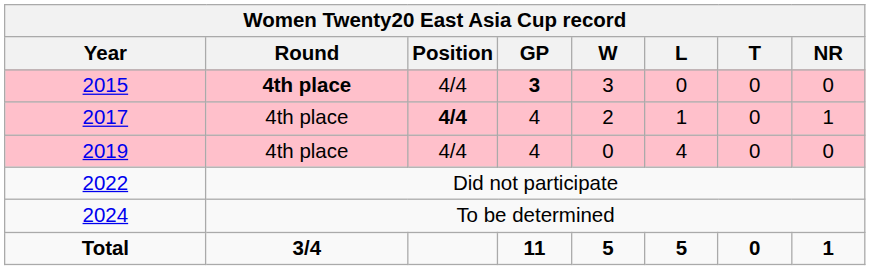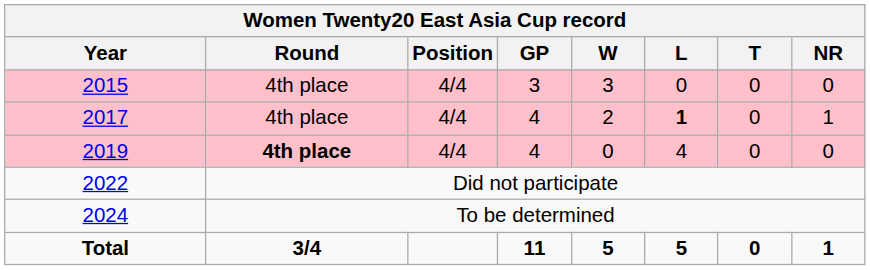 <table class="wikitable" style="text-align: center; width=900px;">
 <tr>
 <th colspan=9>Women Twenty20 East Asia Cup record</th>
 </tr>
 <tr>
 <th width=150>Year</th>
 <th width=150>Round</th>
 <th width=50>Position</th>
 <th width=50>GP</th>
 <th width=50>W</th>
 <th width=50>L</th>
 <th width=50>T</th>
 <th width=50>NR</th>
 </tr>
 <tr style="background:pink;">
 <td> <a href='#'>2015</a></td>
-<td><strong>4th place</strong></td>
+<td>4th place</td>
 <td>4/4</td>
-<td><strong>3</strong></td>
+<td>3</td>
 <td>3</td>
 <td>0</td>
 <td>0</td>
 <td>0</td>
 </tr>
 <tr style="background:pink;">
 <td> <a href='#'>2017</a></td>
 <td>4th place</td>
-<td><strong>4/4</strong></td>
+<td>4/4</td>
 <td>4</td>
 <td>2</td>
-<td>1</td>
+<td><strong>1</strong></td>
 <td>0</td>
 <td>1</td>
 </tr>
 <tr style="background:pink;">
 <td> <a href='#'>2019</a></td>
-<td>4th place</td>
+<td><strong>4th place</strong></td>
 <td>4/4</td>
 <td>4</td>
 <td>0</td>
 <td>4</td>
 <td>0</td>
 <td>0</td>
 </tr>
 <tr>
 <td> <a href='#'>2022</a></td>
 <td rowspan=1 colspan=8>Did not participate</td>
 </tr>
 <tr>
 <td> <a href='#'>2024</a></td>
 <td rowspan=1 colspan=8>To be determined</td>
 </tr>
 <tr>
 <td><strong>Total</strong></td>
 <td><strong>3/4</strong></td>
 <td></td>
 <td><strong>11</strong></td>
 <td><strong>5</strong></td>
 <td><strong>5</strong></td>
 <td><strong>0</strong></td>
 <td><strong>1</strong></td>
 </tr>
 </table>
